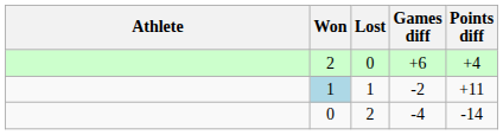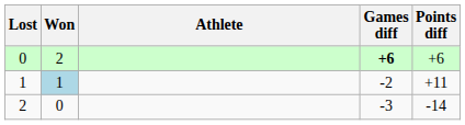 <table class="wikitable">
 <tr>
+<th>Lost</th>
+<th>Won</th>
 <th style="width:18em">Athlete</th>
-<th>Won</th>
-<th>Lost</th>
 <th>Games<br>diff</th>
 <th>Points<br>diff</th>
 </tr>
 <tr bgcolor="#ccffcc">
+<td align="center">0</td>
+<td align="center">2</td>
 <td></td>
-<td align="center">2</td>
-<td align="center">0</td>
+<td align="center"><strong>+6</strong></td>
 <td align="center">+6</td>
-<td align="center">+4</td>
 </tr>
 <tr>
+<td align="center">1</td>
+<td align="center" style="background: lightblue;">1</td>
 <td></td>
-<td align="center" style="background: lightblue;">1</td>
-<td align="center">1</td>
 <td align="center">-2</td>
 <td align="center">+11</td>
 </tr>
 <tr>
+<td align="center">2</td>
+<td align="center">0</td>
 <td></td>
-<td align="center">0</td>
-<td align="center">2</td>
-<td align="center">-4</td>
+<td align="center">-3</td>
 <td align="center">-14</td>
 </tr>
 </table>
